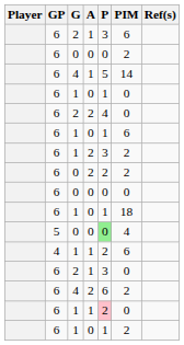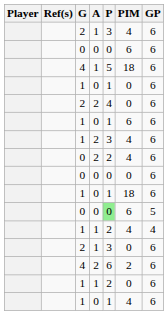 <table class="wikitable sortable plainrowheaders" style="text-align:center;">
 <tr>
 <th scope="col">Player</th>
-<th scope="col">GP</th>
+<th scope="col" class="unsortable">Ref(s)</th>
 <th scope="col">G</th>
 <th scope="col">A</th>
 <th scope="col">P</th>
 <th scope="col">PIM</th>
-<th scope="col" class="unsortable">Ref(s)</th>
+<th scope="col">GP</th>
 </tr>
 <tr>
 <th scope="row"></th>
-<td>6</td>
+<td align=center></td>
 <td>2</td>
 <td>1</td>
 <td>3</td>
+<td>4</td>
 <td>6</td>
-<td align=center></td>
 </tr>
 <tr>
 <th scope="row"></th>
-<td>6</td>
+<td align=center></td>
 <td>0</td>
 <td>0</td>
 <td>0</td>
-<td>2</td>
-<td align=center></td>
+<td>6</td>
+<td>6</td>
 </tr>
 <tr>
 <th scope="row"></th>
-<td>6</td>
+<td align=center></td>
 <td>4</td>
 <td>1</td>
 <td>5</td>
-<td>14</td>
-<td align=center></td>
+<td>18</td>
+<td>6</td>
 </tr>
 <tr>
 <th scope="row"></th>
-<td>6</td>
+<td align=center></td>
 <td>1</td>
 <td>0</td>
 <td>1</td>
 <td>0</td>
-<td align=center></td>
+<td>6</td>
 </tr>
 <tr>
 <th scope="row"></th>
-<td>6</td>
+<td align=center></td>
 <td>2</td>
 <td>2</td>
 <td>4</td>
 <td>0</td>
-<td align=center></td>
+<td>6</td>
 </tr>
 <tr>
 <th scope="row"></th>
-<td>6</td>
+<td align=center></td>
 <td>1</td>
 <td>0</td>
 <td>1</td>
 <td>6</td>
-<td align=center></td>
+<td>6</td>
 </tr>
 <tr>
 <th scope="row"></th>
-<td>6</td>
+<td align=center></td>
 <td>1</td>
 <td>2</td>
 <td>3</td>
-<td>2</td>
-<td align=center></td>
+<td>4</td>
+<td>6</td>
 </tr>
 <tr>
 <th scope="row"></th>
-<td>6</td>
+<td align=center></td>
 <td>0</td>
 <td>2</td>
 <td>2</td>
-<td>2</td>
-<td align=center></td>
+<td>4</td>
+<td>6</td>
 </tr>
 <tr>
 <th scope="row"></th>
-<td>6</td>
+<td align=center></td>
 <td>0</td>
 <td>0</td>
 <td>0</td>
 <td>0</td>
-<td align=center></td>
+<td>6</td>
 </tr>
 <tr>
 <th scope="row"></th>
-<td>6</td>
+<td align=center></td>
 <td>1</td>
 <td>0</td>
 <td>1</td>
 <td>18</td>
-<td align=center></td>
+<td>6</td>
 </tr>
 <tr>
 <th scope="row"></th>
-<td>5</td>
+<td align=center></td>
 <td>0</td>
 <td>0</td>
 <td style="background: lightgreen;">0</td>
-<td>4</td>
-<td align=center></td>
+<td>6</td>
+<td>5</td>
 </tr>
 <tr>
 <th scope="row"></th>
-<td>4</td>
+<td align=center></td>
 <td>1</td>
 <td>1</td>
 <td>2</td>
-<td>6</td>
-<td align=center></td>
+<td>4</td>
+<td>4</td>
 </tr>
 <tr>
 <th scope="row"></th>
-<td>6</td>
+<td align=center></td>
 <td>2</td>
 <td>1</td>
 <td>3</td>
 <td>0</td>
-<td align=center></td>
+<td>6</td>
 </tr>
 <tr>
 <th scope="row"></th>
-<td>6</td>
+<td align=center></td>
 <td>4</td>
 <td>2</td>
 <td>6</td>
 <td>2</td>
-<td align=center></td>
+<td>6</td>
 </tr>
 <tr>
 <th scope="row"></th>
-<td>6</td>
+<td align=center></td>
 <td>1</td>
 <td>1</td>
-<td style="background: pink;">2</td>
+<td>2</td>
 <td>0</td>
-<td align=center></td>
+<td>6</td>
 </tr>
 <tr>
 <th scope="row"></th>
-<td>6</td>
+<td align=center></td>
 <td>1</td>
 <td>0</td>
 <td>1</td>
-<td>2</td>
-<td align=center></td>
+<td>4</td>
+<td>6</td>
 </tr>
 </table>
